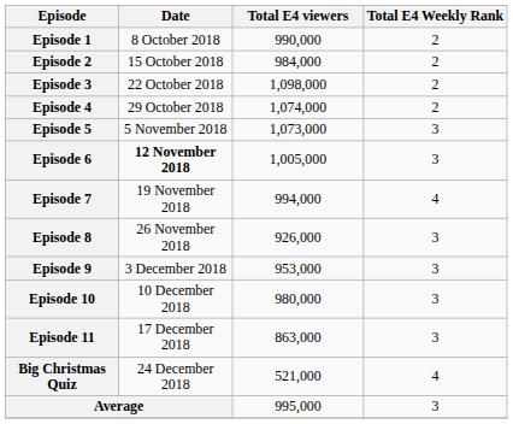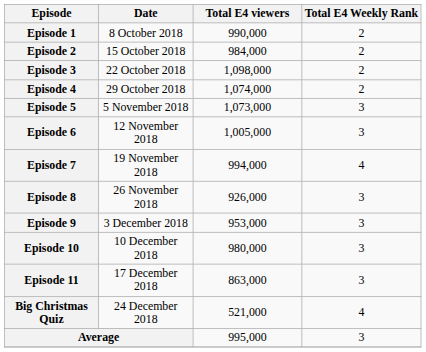 <table class="wikitable sortable" style="text-align:center">
 <tr>
 <th scope="col" style="width:120px;">Episode</th>
 <th scope="col" style="width:120px;">Date</th>
 <th scope="col" style="width:140px;">Total E4 viewers</th>
 <th>Total E4 Weekly Rank</th>
 </tr>
 <tr>
 <th scope="row">Episode 1</th>
 <td>8 October 2018</td>
 <td>990,000</td>
 <td>2</td>
 </tr>
 <tr>
 <th scope="row">Episode 2</th>
 <td>15 October 2018</td>
 <td>984,000</td>
 <td>2</td>
 </tr>
 <tr>
 <th scope="row">Episode 3</th>
 <td>22 October 2018</td>
 <td>1,098,000</td>
 <td>2</td>
 </tr>
 <tr>
 <th scope="row">Episode 4</th>
 <td>29 October 2018</td>
 <td>1,074,000</td>
 <td>2</td>
 </tr>
 <tr>
 <th scope="row">Episode 5</th>
 <td>5 November 2018</td>
 <td>1,073,000</td>
 <td>3</td>
 </tr>
 <tr>
 <th scope="row">Episode 6</th>
-<td><strong>12 November 2018</strong></td>
+<td>12 November 2018</td>
 <td>1,005,000</td>
 <td>3</td>
 </tr>
 <tr>
 <th scope="row">Episode 7</th>
 <td>19 November 2018</td>
 <td>994,000</td>
 <td>4</td>
 </tr>
 <tr>
 <th scope="row">Episode 8</th>
 <td>26 November 2018</td>
 <td>926,000</td>
 <td>3</td>
 </tr>
 <tr>
 <th scope="row">Episode 9</th>
 <td>3 December 2018</td>
 <td>953,000</td>
 <td>3</td>
 </tr>
 <tr>
 <th scope="row">Episode 10</th>
 <td>10 December 2018</td>
 <td>980,000</td>
 <td>3</td>
 </tr>
 <tr>
 <th scope="row">Episode 11</th>
 <td>17 December 2018</td>
 <td>863,000</td>
 <td>3</td>
 </tr>
 <tr>
 <th scope="row">Big Christmas Quiz</th>
 <td>24 December 2018</td>
 <td>521,000</td>
 <td>4</td>
 </tr>
 <tr>
 <th scope="row" colspan="2">Average</th>
 <td>995,000</td>
 <td>3</td>
 </tr>
 <tr>
 </tr>
 </table>
